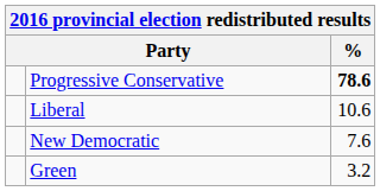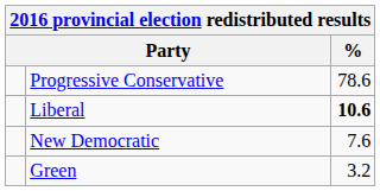 <table class="wikitable">
 <tr Updated 2019 election results using Election Template>
 <th colspan="4"><a href='#'>2016 provincial election</a> redistributed results</th>
 </tr>
 <tr>
 <th bgcolor="#DDDDFF" width="130px" colspan="2">Party</th>
 <th bgcolor="#DDDDFF" width="30px">%</th>
 </tr>
 <tr>
 <td> </td>
 <td><a href='#'>Progressive Conservative</a></td>
-<td align=right><strong>78.6</strong></td>
+<td align=right>78.6</td>
 </tr>
 <tr>
 <td> </td>
 <td><a href='#'>Liberal</a></td>
-<td align=right>10.6</td>
+<td align=right><strong>10.6</strong></td>
 </tr>
 <tr>
 <td> </td>
 <td><a href='#'>New Democratic</a></td>
 <td align=right>7.6</td>
 </tr>
 <tr>
 <td> </td>
 <td><a href='#'>Green</a></td>
 <td align=right>3.2</td>
 </tr>
 </table>
